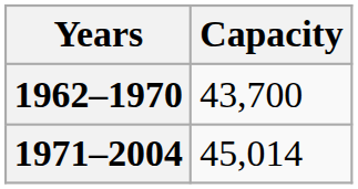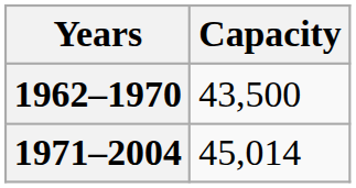 <table class="wikitable">
 <tr>
 <th scope="row">Years</th>
 <th scope="row">Capacity</th>
 </tr>
 <tr>
 <th scope="row">1962–1970</th>
-<td>43,700</td>
+<td>43,500</td>
 </tr>
 <tr>
 <th scope="row">1971–2004</th>
 <td>45,014</td>
 </tr>
 </table>
